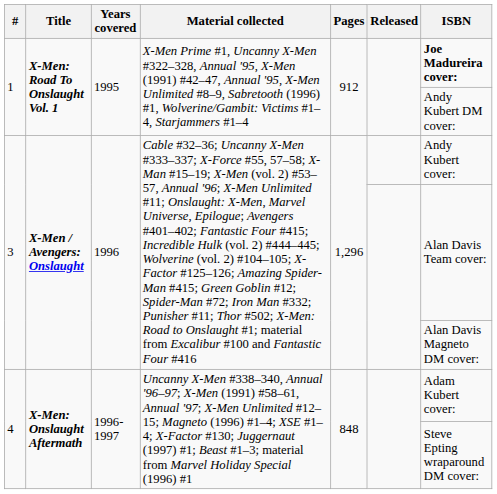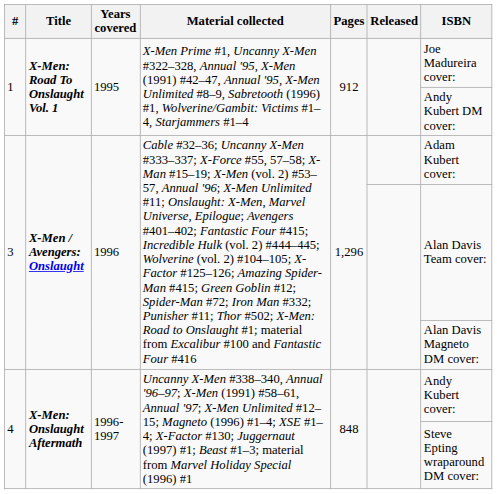 <table class="wikitable sortable" width="99%">
 <tr>
 <th class="unsortable" width="20px">#</th>
 <th>Title</th>
 <th>Years covered</th>
 <th class="unsortable">Material collected</th>
 <th>Pages</th>
 <th>Released</th>
 <th class="unsortable">ISBN</th>
 </tr>
 <tr>
 <td rowspan=2>1</td>
 <td rowspan=2><strong><em>X-Men: Road To Onslaught Vol. 1</em></strong></td>
 <td rowspan=2>1995</td>
 <td rowspan=2><em>X-Men Prime</em> #1, <em>Uncanny X-Men</em> #322–328, <em>Annual '95</em>, <em>X-Men</em> (1991) #42–47, <em>Annual '95</em>, <em>X-Men Unlimited</em> #8–9, <em>Sabretooth</em> (1996) #1, <em>Wolverine/Gambit: Victims</em> #1–4, <em>Starjammers</em> #1–4</td>
 <td rowspan=2 style="text-align: center;">912</td>
 <td rowspan=2></td>
-<td><strong>Joe Madureira cover: </strong></td>
+<td>Joe Madureira cover: </td>
 </tr>
 <tr>
 <td>Andy Kubert DM cover: </td>
 </tr>
 <tr>
 <td rowspan=3>3</td>
 <td rowspan=3><strong><em>X-Men / Avengers: <a href='#'>Onslaught</a></em></strong></td>
 <td rowspan=3>1996</td>
 <td rowspan=3><em>Cable</em> #32–36; <em>Uncanny X-Men</em> #333–337; <em>X-Force</em> #55, 57–58; <em>X-Man</em> #15–19; <em>X-Men</em> (vol. 2) #53–57, <em>Annual '96</em>; <em>X-Men Unlimited</em> #11; <em>Onslaught: X-Men</em>, <em>Marvel Universe</em>, <em>Epilogue</em>; <em>Avengers</em> #401–402; <em>Fantastic Four</em> #415; <em>Incredible Hulk</em> (vol. 2) #444–445; <em>Wolverine</em> (vol. 2) #104–105; <em>X-Factor</em> #125–126; <em>Amazing Spider-Man</em> #415; <em>Green Goblin</em> #12; <em>Spider-Man</em> #72; <em>Iron Man</em> #332; <em>Punisher</em> #11; <em>Thor</em> #502; <em>X-Men: Road to Onslaught</em> #1; material from <em>Excalibur</em> #100 and <em>Fantastic Four</em> #416</td>
 <td rowspan=3 style="text-align: center;">1,296</td>
 <td></td>
-<td>Andy Kubert cover: </td>
+<td>Adam Kubert cover: </td>
 </tr>
 <tr>
 <td rowspan=2></td>
 <td>Alan Davis Team cover: </td>
 </tr>
 <tr>
 <td>Alan Davis Magneto DM cover: </td>
 </tr>
 <tr>
 <td rowspan=2>4</td>
 <td rowspan=2><strong><em>X-Men: Onslaught Aftermath</em></strong></td>
 <td rowspan=2>1996-1997</td>
 <td rowspan=2><em>Uncanny X-Men</em> #338–340, <em>Annual '96</em>–<em>97</em>; <em>X-Men</em> (1991) #58–61, <em>Annual '97</em>; <em>X-Men Unlimited</em> #12–15; <em>Magneto</em> (1996) #1–4; <em>XSE</em> #1–4; <em>X-Factor</em> #130; <em>Juggernaut</em> (1997) #1; <em>Beast</em> #1–3; material from <em>Marvel Holiday Special</em> (1996) #1</td>
 <td rowspan=2 style="text-align: center;">848</td>
 <td rowspan=2></td>
-<td>Adam Kubert cover: </td>
+<td>Andy Kubert cover: </td>
 </tr>
 <tr>
 <td>Steve Epting wraparound DM cover: </td>
 </tr>
 </table>
